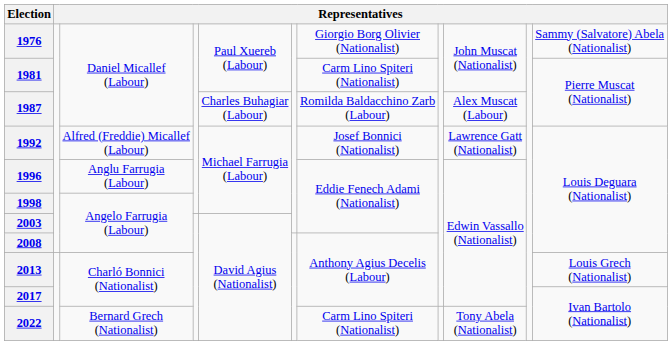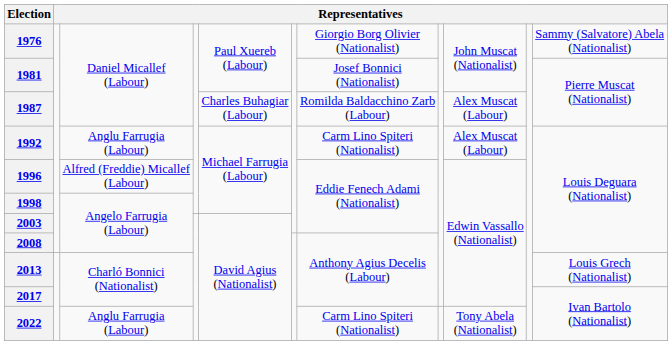 <table class="wikitable" style="text-align:center">
 <tr>
 <th>Election</th>
 <th colspan=10>Representatives</th>
 </tr>
 <tr>
 <th><a href='#'>1976</a></th>
 <td rowspan=8; style="background-color: "></td>
 <td rowspan=3><a href='#'>Daniel Micallef</a><br>(<a href='#'>Labour</a>)</td>
 <td rowspan=6; style="background-color: "></td>
 <td rowspan=2><a href='#'>Paul Xuereb</a><br>(<a href='#'>Labour</a>)</td>
 <td rowspan=7; style="background-color: "></td>
 <td rowspan=1><a href='#'>Giorgio Borg Olivier</a><br>(<a href='#'>Nationalist</a>)</td>
 <td rowspan=10; style="background-color: "></td>
 <td rowspan=2><a href='#'>John Muscat</a><br>(<a href='#'>Nationalist</a>)</td>
 <td rowspan=11; style="background-color: "></td>
 <td rowspan=1><a href='#'>Sammy (Salvatore) Abela</a><br>(<a href='#'>Nationalist</a>)</td>
 </tr>
 <tr>
 <th><a href='#'>1981</a></th>
-<td rowspan=1><a href='#'>Carm Lino Spiteri</a><br>(<a href='#'>Nationalist</a>)</td>
+<td rowspan=1><a href='#'>Josef Bonnici</a><br>(<a href='#'>Nationalist</a>)</td>
 <td rowspan=2><a href='#'>Pierre Muscat</a><br>(<a href='#'>Nationalist</a>)</td>
 </tr>
 <tr>
 <th><a href='#'>1987</a></th>
 <td rowspan=1><a href='#'>Charles Buhagiar</a><br>(<a href='#'>Labour</a>)</td>
 <td><a href='#'>Romilda Baldacchino Zarb</a><br>(<a href='#'>Labour</a>)</td>
 <td><a href='#'>Alex Muscat</a><br>(<a href='#'>Labour</a>)</td>
 </tr>
 <tr>
 <th><a href='#'>1992</a></th>
-<td rowspan=1><a href='#'>Alfred (Freddie) Micallef</a><br>(<a href='#'>Labour</a>)</td>
+<td rowspan=1><a href='#'>Anglu Farrugia</a><br>(<a href='#'>Labour</a>)</td>
 <td rowspan=3><a href='#'>Michael Farrugia</a><br>(<a href='#'>Labour</a>)</td>
-<td rowspan=1><a href='#'>Josef Bonnici</a><br>(<a href='#'>Nationalist</a>)</td>
-<td rowspan=1><a href='#'>Lawrence Gatt</a><br>(<a href='#'>Nationalist</a>)</td>
+<td rowspan=1><a href='#'>Carm Lino Spiteri</a><br>(<a href='#'>Nationalist</a>)</td>
+<td><a href='#'>Alex Muscat</a><br>(<a href='#'>Labour</a>)</td>
 <td rowspan=5><a href='#'>Louis Deguara</a><br>(<a href='#'>Nationalist</a>)</td>
 </tr>
 <tr>
 <th><a href='#'>1996</a></th>
-<td rowspan=1><a href='#'>Anglu Farrugia</a><br>(<a href='#'>Labour</a>)</td>
+<td rowspan=1><a href='#'>Alfred (Freddie) Micallef</a><br>(<a href='#'>Labour</a>)</td>
 <td rowspan=3><a href='#'>Eddie Fenech Adami</a><br>(<a href='#'>Nationalist</a>)</td>
 <td rowspan=6><a href='#'>Edwin Vassallo</a><br>(<a href='#'>Nationalist</a>)</td>
 </tr>
 <tr>
 <th><a href='#'>1998</a></th>
 <td rowspan=3><a href='#'>Angelo Farrugia</a><br>(<a href='#'>Labour</a>)</td>
 </tr>
 <tr>
 <th><a href='#'>2003</a></th>
 <td rowspan=5; style="background-color: "></td>
 <td rowspan=5><a href='#'>David Agius</a><br>(<a href='#'>Nationalist</a>)</td>
 </tr>
 <tr>
 <th><a href='#'>2008</a></th>
 <td rowspan=7; style="background-color: "></td>
 <td rowspan=3><a href='#'>Anthony Agius Decelis</a><br>(<a href='#'>Labour</a>)</td>
 </tr>
 <tr>
 <th><a href='#'>2013</a></th>
 <td rowspan=3; style="background-color: "></td>
 <td rowspan=2><a href='#'>Charló Bonnici</a><br>(<a href='#'>Nationalist</a>)</td>
 <td><a href='#'>Louis Grech</a><br>(<a href='#'>Nationalist</a>)</td>
 </tr>
 <tr>
 <th><a href='#'>2017</a></th>
 <td rowspan=2><a href='#'>Ivan Bartolo</a><br>(<a href='#'>Nationalist</a>)</td>
 </tr>
 <tr>
 <th><a href='#'>2022</a></th>
-<td><a href='#'>Bernard Grech</a><br>(<a href='#'>Nationalist</a>)</td>
+<td rowspan=1><a href='#'>Anglu Farrugia</a><br>(<a href='#'>Labour</a>)</td>
 <td rowspan=1><a href='#'>Carm Lino Spiteri</a><br>(<a href='#'>Nationalist</a>)</td>
 <td rowspan=1; style="background-color: "></td>
 <td rowspan=1><a href='#'>Tony Abela</a><br>(<a href='#'>Nationalist</a>)</td>
 </tr>
 </table>
